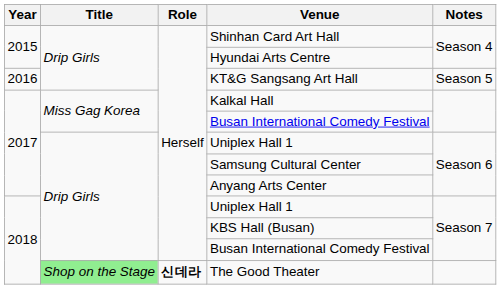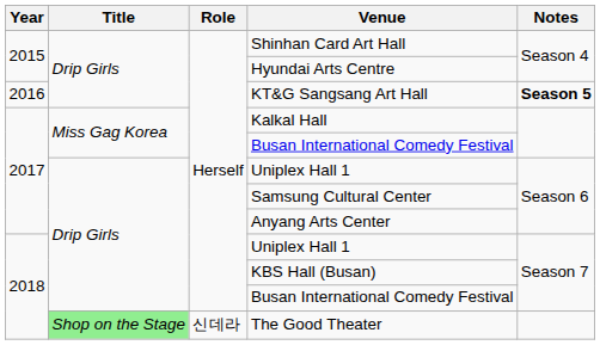 <table class="wikitable sortable">
 <tr>
 <th>Year</th>
 <th>Title</th>
 <th>Role</th>
 <th>Venue</th>
 <th>Notes</th>
 </tr>
 <tr>
 <td rowspan="2">2015</td>
 <td rowspan="3"><em>Drip Girls</em></td>
 <td rowspan="11">Herself</td>
 <td>Shinhan Card Art Hall</td>
 <td rowspan="2">Season 4</td>
 </tr>
 <tr>
 <td>Hyundai Arts Centre</td>
 </tr>
 <tr>
 <td>2016</td>
 <td>KT&G Sangsang Art Hall</td>
-<td>Season 5</td>
+<td><strong>Season 5</strong></td>
 </tr>
 <tr>
 <td rowspan="5">2017</td>
 <td rowspan="2"><em>Miss Gag Korea</em></td>
 <td>Kalkal Hall</td>
 <td rowspan="2"></td>
 </tr>
 <tr>
 <td><a href='#'>Busan International Comedy Festival</a></td>
 </tr>
 <tr>
 <td rowspan="6"><em>Drip Girls</em></td>
 <td>Uniplex Hall 1</td>
 <td rowspan="3">Season 6</td>
 </tr>
 <tr>
 <td>Samsung Cultural Center</td>
 </tr>
 <tr>
 <td>Anyang Arts Center</td>
 </tr>
 <tr>
 <td rowspan="4">2018</td>
 <td>Uniplex Hall 1</td>
 <td rowspan="3">Season 7</td>
 </tr>
 <tr>
 <td>KBS Hall (Busan)</td>
 </tr>
 <tr>
 <td>Busan International Comedy Festival</td>
 </tr>
 <tr>
 <td style="background: lightgreen;"><em>Shop on the Stage</em></td>
-<td><strong>신데라</strong></td>
+<td>신데라</td>
 <td>The Good Theater</td>
 <td></td>
 </tr>
 </table>
